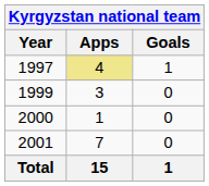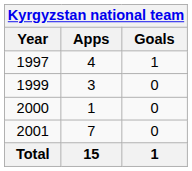 <table class="wikitable" style="text-align:center">
 <tr>
 <th colspan=3><a href='#'>Kyrgyzstan national team</a></th>
 </tr>
 <tr>
 <th>Year</th>
 <th>Apps</th>
 <th>Goals</th>
 </tr>
 <tr>
 <td>1997</td>
-<td style="background: khaki;">4</td>
+<td>4</td>
 <td>1</td>
 </tr>
 <tr>
 <td>1999</td>
 <td>3</td>
 <td>0</td>
 </tr>
 <tr>
 <td>2000</td>
 <td>1</td>
 <td>0</td>
 </tr>
 <tr>
 <td>2001</td>
 <td>7</td>
 <td>0</td>
 </tr>
 <tr>
 <th>Total</th>
 <th>15</th>
 <th>1</th>
 </tr>
 </table>
